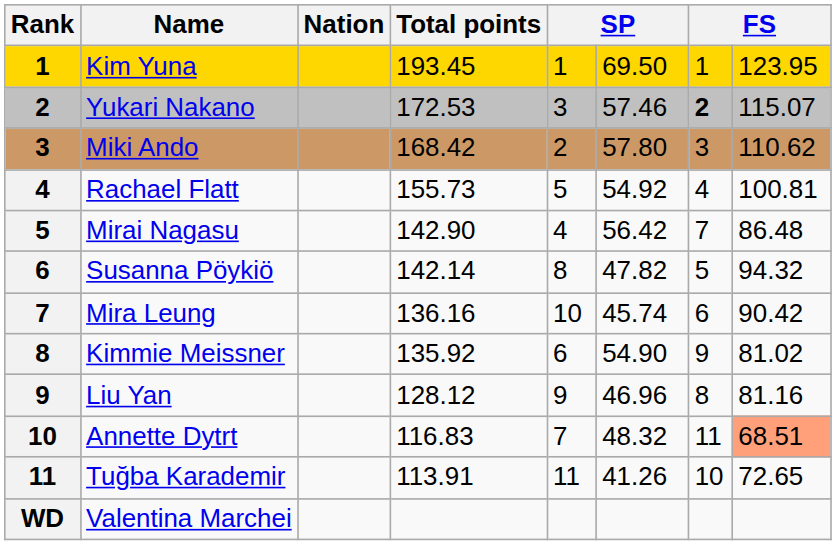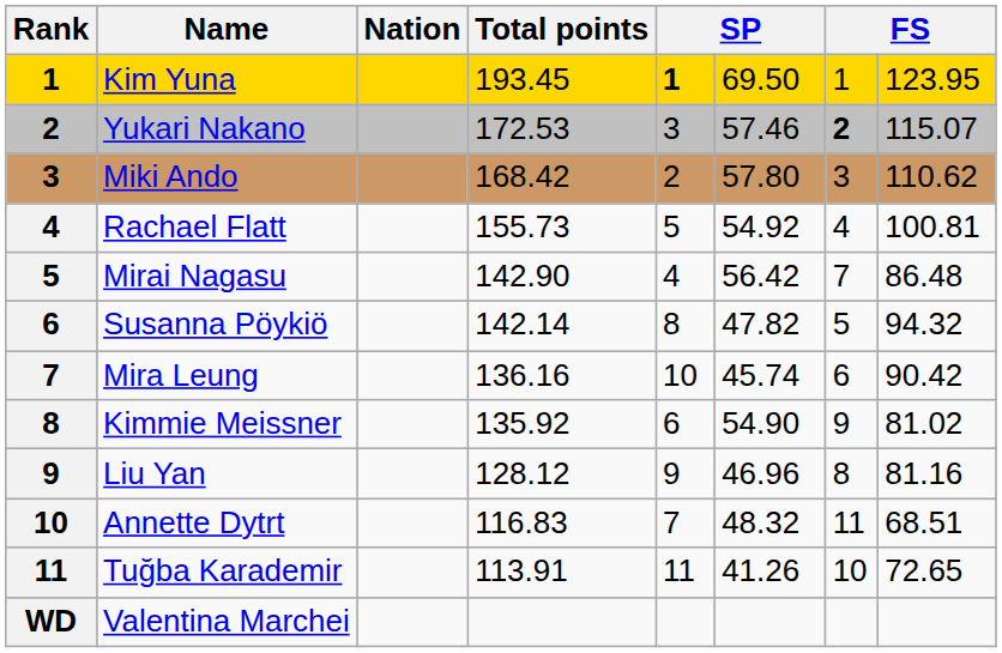 <table class="wikitable">
 <tr>
 <th>Rank</th>
 <th>Name</th>
 <th>Nation</th>
 <th>Total points</th>
 <th colspan="2" width="80px"><a href='#'>SP</a></th>
 <th colspan="2" width="80px"><a href='#'>FS</a></th>
 </tr>
 <tr bgcolor="gold">
 <td align="center"><strong>1</strong></td>
 <td><a href='#'>Kim Yuna</a></td>
 <td></td>
 <td>193.45</td>
-<td>1</td>
+<td><strong>1</strong></td>
 <td>69.50</td>
 <td>1</td>
 <td>123.95</td>
 </tr>
 <tr bgcolor="silver">
 <td align="center"><strong>2</strong></td>
 <td><a href='#'>Yukari Nakano</a></td>
 <td></td>
 <td>172.53</td>
 <td>3</td>
 <td>57.46</td>
 <td><strong>2</strong></td>
 <td>115.07</td>
 </tr>
 <tr bgcolor="cc9966">
 <td align="center"><strong>3</strong></td>
 <td><a href='#'>Miki Ando</a></td>
 <td></td>
 <td>168.42</td>
 <td>2</td>
 <td>57.80</td>
 <td>3</td>
 <td>110.62</td>
 </tr>
 <tr>
 <th>4</th>
 <td><a href='#'>Rachael Flatt</a></td>
 <td></td>
 <td>155.73</td>
 <td>5</td>
 <td>54.92</td>
 <td>4</td>
 <td>100.81</td>
 </tr>
 <tr>
 <th>5</th>
 <td><a href='#'>Mirai Nagasu</a></td>
 <td></td>
 <td>142.90</td>
 <td>4</td>
 <td>56.42</td>
 <td>7</td>
 <td>86.48</td>
 </tr>
 <tr>
 <th>6</th>
 <td><a href='#'>Susanna Pöykiö</a></td>
 <td></td>
 <td>142.14</td>
 <td>8</td>
 <td>47.82</td>
 <td>5</td>
 <td>94.32</td>
 </tr>
 <tr>
 <th>7</th>
 <td><a href='#'>Mira Leung</a></td>
 <td></td>
 <td>136.16</td>
 <td>10</td>
 <td>45.74</td>
 <td>6</td>
 <td>90.42</td>
 </tr>
 <tr>
 <th>8</th>
 <td><a href='#'>Kimmie Meissner</a></td>
 <td></td>
 <td>135.92</td>
 <td>6</td>
 <td>54.90</td>
 <td>9</td>
 <td>81.02</td>
 </tr>
 <tr>
 <th>9</th>
 <td><a href='#'>Liu Yan</a></td>
 <td></td>
 <td>128.12</td>
 <td>9</td>
 <td>46.96</td>
 <td>8</td>
 <td>81.16</td>
 </tr>
 <tr>
 <th>10</th>
 <td><a href='#'>Annette Dytrt</a></td>
 <td></td>
 <td>116.83</td>
 <td>7</td>
 <td>48.32</td>
 <td>11</td>
-<td style="background: lightsalmon;">68.51</td>
+<td>68.51</td>
 </tr>
 <tr>
 <th>11</th>
 <td><a href='#'>Tuğba Karademir</a></td>
 <td></td>
 <td>113.91</td>
 <td>11</td>
 <td>41.26</td>
 <td>10</td>
 <td>72.65</td>
 </tr>
 <tr>
 <th>WD</th>
 <td><a href='#'>Valentina Marchei</a></td>
 <td></td>
 <td></td>
 <td></td>
 <td></td>
 <td></td>
 <td></td>
 </tr>
 </table>
